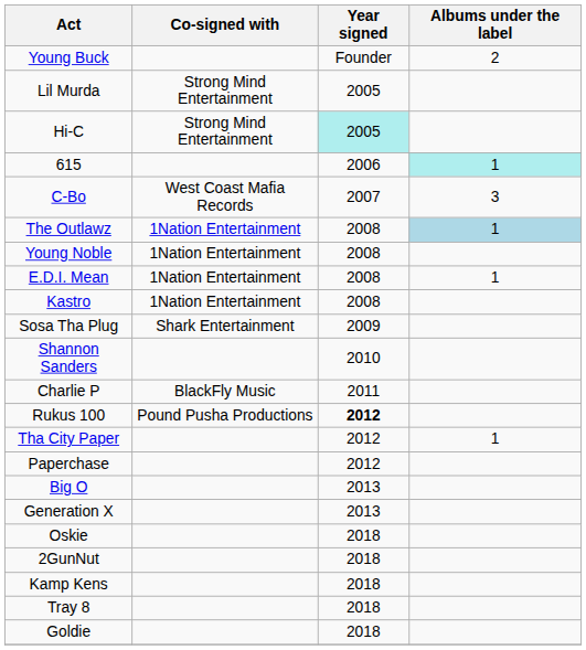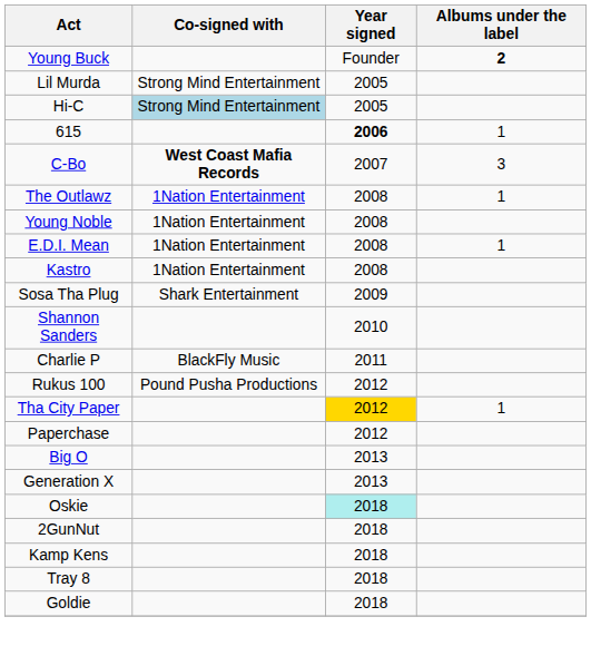 <table class="wikitable" style="text-align:center;">
 <tr>
 <th>Act</th>
 <th>Co-signed with</th>
 <th>Year signed</th>
 <th>Albums under the label</th>
 </tr>
 <tr>
 <td><a href='#'>Young Buck</a></td>
 <td></td>
 <td>Founder</td>
-<td>2</td>
+<td><strong>2</strong></td>
 </tr>
 <tr>
 <td>Lil Murda</td>
 <td>Strong Mind Entertainment</td>
 <td>2005</td>
 <td></td>
 </tr>
 <tr>
 <td>Hi-C</td>
-<td>Strong Mind Entertainment</td>
-<td style="background: paleturquoise;">2005</td>
+<td style="background: lightblue;">Strong Mind Entertainment</td>
+<td>2005</td>
 <td></td>
 </tr>
 <tr>
 <td>615</td>
 <td></td>
-<td>2006</td>
-<td style="background: paleturquoise;">1</td>
+<td><strong>2006</strong></td>
+<td>1</td>
 </tr>
 <tr>
 <td><a href='#'>C-Bo</a></td>
-<td>West Coast Mafia Records</td>
+<td><strong>West Coast Mafia Records</strong></td>
 <td>2007</td>
 <td>3</td>
 </tr>
 <tr>
 <td><a href='#'>The Outlawz</a></td>
 <td><a href='#'>1Nation Entertainment</a></td>
 <td>2008</td>
-<td style="background: lightblue;">1</td>
+<td>1</td>
 </tr>
 <tr>
 <td><a href='#'>Young Noble</a></td>
 <td>1Nation Entertainment</td>
 <td>2008</td>
 <td></td>
 </tr>
 <tr>
 <td><a href='#'>E.D.I. Mean</a></td>
 <td>1Nation Entertainment</td>
 <td>2008</td>
 <td>1</td>
 </tr>
 <tr>
 <td><a href='#'>Kastro</a></td>
 <td>1Nation Entertainment</td>
 <td>2008</td>
 <td></td>
 </tr>
 <tr>
 <td>Sosa Tha Plug</td>
 <td>Shark Entertainment</td>
 <td>2009</td>
 <td></td>
 </tr>
 <tr>
 <td><a href='#'>Shannon Sanders</a></td>
 <td></td>
 <td>2010</td>
 <td></td>
 </tr>
 <tr>
 <td>Charlie P</td>
 <td>BlackFly Music</td>
 <td>2011</td>
 <td></td>
 </tr>
 <tr>
 <td>Rukus 100</td>
 <td>Pound Pusha Productions</td>
-<td><strong>2012</strong></td>
+<td>2012</td>
 <td></td>
 </tr>
 <tr>
 <td><a href='#'>Tha City Paper</a></td>
 <td></td>
-<td>2012</td>
+<td style="background: gold;">2012</td>
 <td>1</td>
 </tr>
 <tr>
 <td>Paperchase</td>
 <td></td>
 <td>2012</td>
 <td></td>
 </tr>
 <tr>
 <td><a href='#'>Big O</a></td>
 <td></td>
 <td>2013</td>
 <td></td>
 </tr>
 <tr>
 <td>Generation X</td>
 <td></td>
 <td>2013</td>
 <td></td>
 </tr>
 <tr>
 <td>Oskie</td>
 <td></td>
-<td>2018</td>
+<td style="background: paleturquoise;">2018</td>
 <td></td>
 </tr>
 <tr>
 <td>2GunNut</td>
 <td></td>
 <td>2018</td>
 <td></td>
 </tr>
 <tr>
 <td>Kamp Kens</td>
 <td></td>
 <td>2018</td>
 <td></td>
 </tr>
 <tr>
 <td>Tray 8</td>
 <td></td>
 <td>2018</td>
 <td></td>
 </tr>
 <tr>
 <td>Goldie</td>
 <td></td>
 <td>2018</td>
 <td></td>
 </tr>
 <tr>
 </tr>
 </table>
